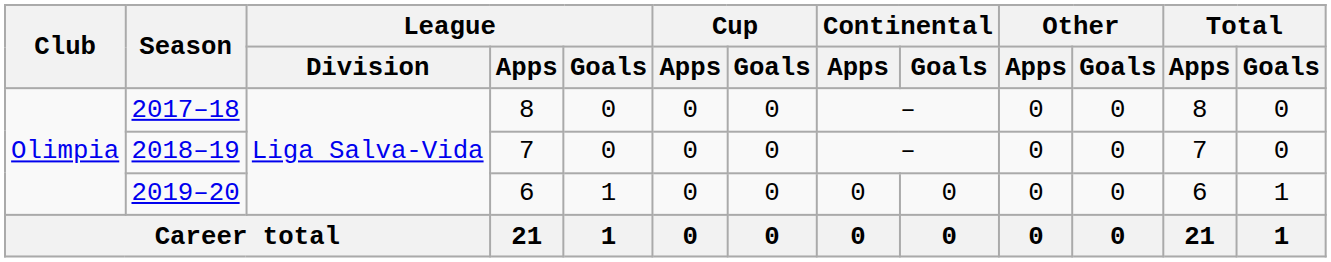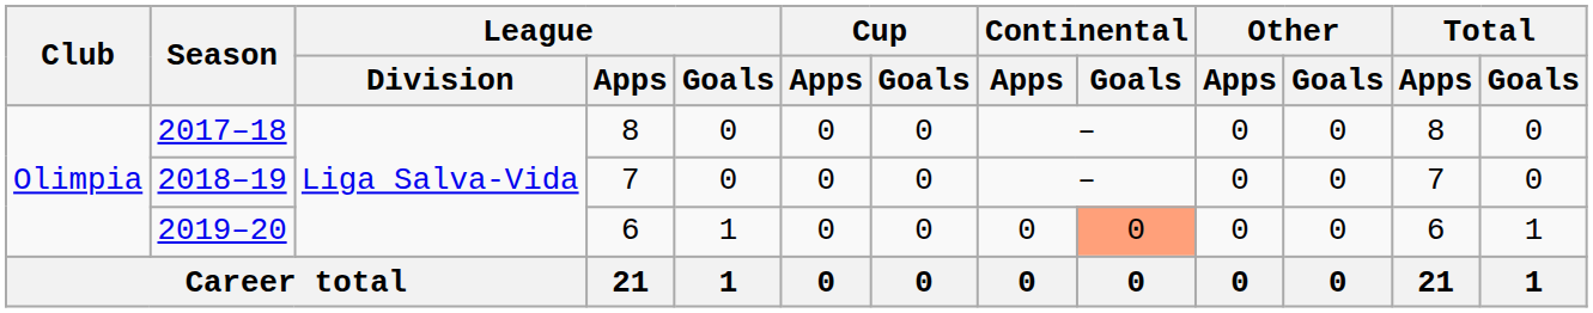 <table class="wikitable" style="text-align: center">
 <tr>
 <th rowspan="2">Club</th>
 <th rowspan="2">Season</th>
 <th colspan="3">League</th>
 <th colspan="2">Cup</th>
 <th colspan="2">Continental</th>
 <th colspan="2">Other</th>
 <th colspan="2">Total</th>
 </tr>
 <tr>
 <th>Division</th>
 <th>Apps</th>
 <th>Goals</th>
 <th>Apps</th>
 <th>Goals</th>
 <th>Apps</th>
 <th>Goals</th>
 <th>Apps</th>
 <th>Goals</th>
 <th>Apps</th>
 <th>Goals</th>
 </tr>
 <tr>
 <td rowspan="3"><a href='#'>Olimpia</a></td>
 <td><a href='#'>2017–18</a></td>
 <td rowspan="3"><a href='#'>Liga Salva-Vida</a></td>
 <td>8</td>
 <td>0</td>
 <td>0</td>
 <td>0</td>
 <td colspan="2">–</td>
 <td>0</td>
 <td>0</td>
 <td>8</td>
 <td>0</td>
 </tr>
 <tr>
 <td><a href='#'>2018–19</a></td>
 <td>7</td>
 <td>0</td>
 <td>0</td>
 <td>0</td>
 <td colspan="2">–</td>
 <td>0</td>
 <td>0</td>
 <td>7</td>
 <td>0</td>
 </tr>
 <tr>
 <td><a href='#'>2019–20</a></td>
 <td>6</td>
 <td>1</td>
 <td>0</td>
 <td>0</td>
 <td>0</td>
-<td>0</td>
+<td style="background: lightsalmon;">0</td>
 <td>0</td>
 <td>0</td>
 <td>6</td>
 <td>1</td>
 </tr>
 <tr>
 <th colspan=3>Career total</th>
 <th>21</th>
 <th>1</th>
 <th>0</th>
 <th>0</th>
 <th>0</th>
 <th>0</th>
 <th>0</th>
 <th>0</th>
 <th>21</th>
 <th>1</th>
 </tr>
 </table>
